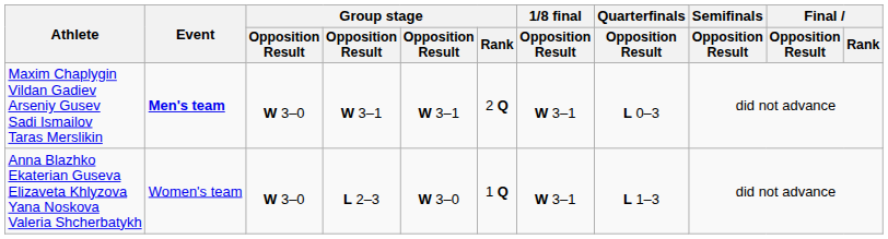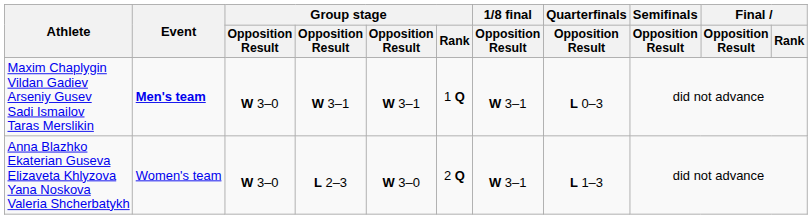 <table class="wikitable" style="text-align:center; font-size:90%">
 <tr>
 <th rowspan=2>Athlete</th>
 <th rowspan=2>Event</th>
 <th colspan=4>Group stage</th>
 <th>1/8 final</th>
 <th>Quarterfinals</th>
 <th>Semifinals</th>
 <th colspan=2>Final / </th>
 </tr>
 <tr style="font-size:95%">
 <th>Opposition<br>Result</th>
 <th>Opposition<br>Result</th>
 <th>Opposition<br>Result</th>
 <th>Rank</th>
 <th>Opposition<br>Result</th>
 <th>Opposition<br>Result</th>
 <th>Opposition<br>Result</th>
 <th>Opposition<br>Result</th>
 <th>Rank</th>
 </tr>
 <tr>
 <td align=left><a href='#'>Maxim Chaplygin</a><br><a href='#'>Vildan Gadiev</a><br><a href='#'>Arseniy Gusev</a><br><a href='#'>Sadi Ismailov</a><br><a href='#'>Taras Merslikin</a></td>
 <td align=left><strong><a href='#'>Men's team</a></strong></td>
 <td><br><strong>W</strong> 3–0</td>
 <td><br><strong>W</strong> 3–1</td>
 <td><br><strong>W</strong> 3–1</td>
-<td>2 <strong>Q</strong></td>
+<td>1 <strong>Q</strong></td>
 <td><br><strong>W</strong> 3–1</td>
 <td><br><strong>L</strong> 0–3</td>
 <td colspan=3>did not advance</td>
 </tr>
 <tr>
 <td align=left><a href='#'>Anna Blazhko</a><br><a href='#'>Ekaterian Guseva</a><br><a href='#'>Elizaveta Khlyzova</a><br><a href='#'>Yana Noskova</a><br><a href='#'>Valeria Shcherbatykh</a></td>
 <td align=left><a href='#'>Women's team</a></td>
 <td><br><strong>W</strong> 3–0</td>
 <td><br><strong>L</strong> 2–3</td>
 <td><br><strong>W</strong> 3–0</td>
-<td>1 <strong>Q</strong></td>
+<td>2 <strong>Q</strong></td>
 <td><br><strong>W</strong> 3–1</td>
 <td><br><strong>L</strong> 1–3</td>
 <td colspan=3>did not advance</td>
 </tr>
 </table>
